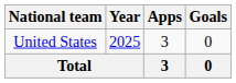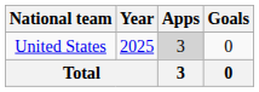 <table class="wikitable" style="text-align:center">
 <tr>
 <th>National team</th>
 <th>Year</th>
 <th>Apps</th>
 <th>Goals</th>
 </tr>
 <tr>
 <td><a href='#'>United States</a></td>
 <td><a href='#'>2025</a></td>
-<td>3</td>
+<td style="background: lightgrey;">3</td>
 <td>0</td>
 </tr>
 <tr>
 <th colspan="2">Total</th>
 <th>3</th>
 <th>0</th>
 </tr>
 </table>
